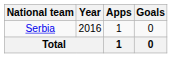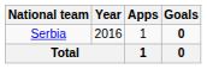 <table class="wikitable" style="text-align:center">
 <tr>
 <th>National team</th>
 <th>Year</th>
 <th>Apps</th>
 <th>Goals</th>
 </tr>
 <tr>
 <td rowspan="1"><a href='#'>Serbia</a></td>
 <td>2016</td>
 <td>1</td>
-<td>0</td>
+<td><strong>0</strong></td>
 </tr>
 <tr>
 <th colspan="2">Total</th>
 <th>1</th>
 <th>0</th>
 </tr>
 </table>
